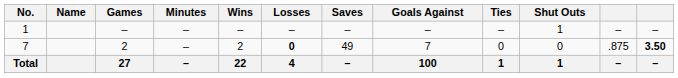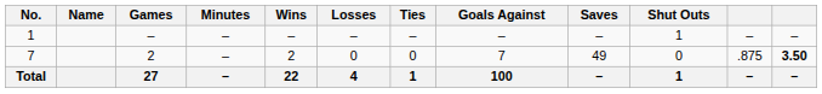 <table class="wikitable sortable" width ="1000">
 <tr align="center">
 <th><strong>No.</strong></th>
 <th><strong>Name</strong></th>
 <th><strong>Games</strong></th>
 <th><strong>Minutes</strong></th>
 <th><strong>Wins</strong></th>
 <th><strong>Losses</strong></th>
+<th><strong>Ties</strong></th>
+<th><strong>Goals Against</strong></th>
 <th><strong>Saves</strong></th>
-<th><strong>Goals Against</strong></th>
-<th><strong>Ties</strong></th>
 <th><strong>Shut Outs</strong></th>
 <th><strong><a href='#'></a></strong></th>
 <th><strong><a href='#'></a></strong></th>
 </tr>
 <tr align="center" bgcolor="">
 <td>1</td>
 <td></td>
 <td>–</td>
 <td>–</td>
 <td>–</td>
 <td>–</td>
 <td>–</td>
 <td>–</td>
 <td>–</td>
 <td>1</td>
 <td>–</td>
 <td>–</td>
 </tr>
 <tr align="center">
 <td>7</td>
 <td></td>
 <td>2</td>
 <td>–</td>
 <td>2</td>
-<td><strong>0</strong></td>
+<td>0</td>
+<td>0</td>
+<td>7</td>
 <td>49</td>
-<td>7</td>
-<td>0</td>
 <td>0</td>
 <td>.875</td>
 <td><strong>3.50</strong></td>
 </tr>
 <tr>
 <th>Total</th>
 <th></th>
 <th>27</th>
 <th>–</th>
 <th>22</th>
 <th>4</th>
+<th>1</th>
+<th>100</th>
 <th>–</th>
-<th>100</th>
-<th>1</th>
 <th>1</th>
 <th>–</th>
 <th>–</th>
 </tr>
 </table>
